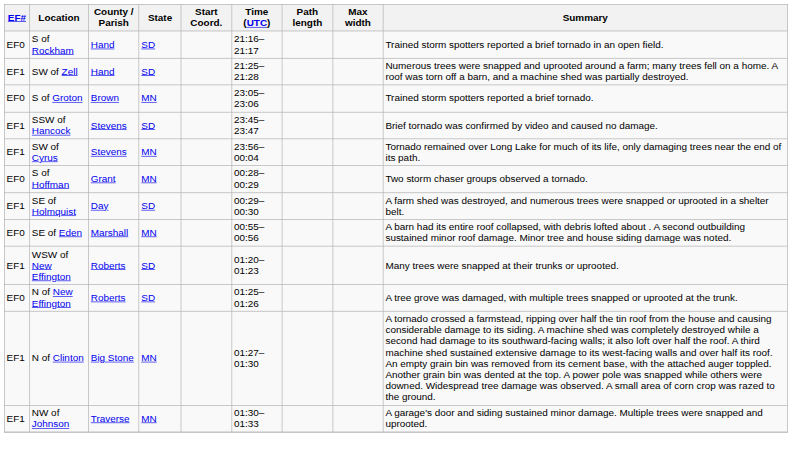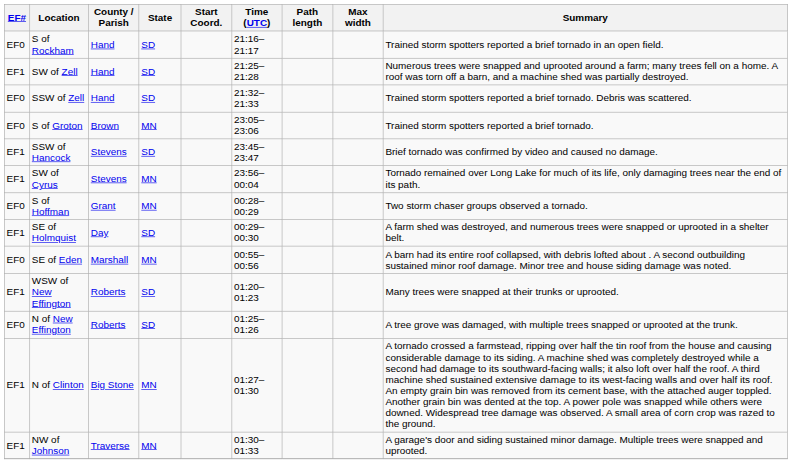 <table class="wikitable sortable" style="width:100%;">
 <tr>
 <th scope="col"  style="width:3%; text-align:center;"><a href='#'>EF#</a></th>
 <th scope="col"  style="width:7%; text-align:center;" class="unsortable">Location</th>
 <th scope="col"  style="width:6%; text-align:center;" class="unsortable">County / Parish</th>
 <th scope="col"  style="width:5%; text-align:center;">State</th>
 <th scope="col"  style="width:6%; text-align:center;">Start Coord.</th>
 <th scope="col"  style="width:6%; text-align:center;">Time (<a href='#'>UTC</a>)</th>
 <th scope="col"  style="width:6%; text-align:center;">Path length</th>
 <th scope="col"  style="width:6%; text-align:center;">Max width</th>
 <th scope="col" class="unsortable" style="width:48%; text-align:center;">Summary</th>
 </tr>
 <tr>
 <td>EF0</td>
 <td>S of <a href='#'>Rockham</a></td>
 <td><a href='#'>Hand</a></td>
 <td><a href='#'>SD</a></td>
 <td></td>
 <td>21:16–21:17</td>
 <td></td>
 <td></td>
 <td>Trained storm spotters reported a brief tornado in an open field.</td>
 </tr>
 <tr>
 <td>EF1</td>
 <td>SW of <a href='#'>Zell</a></td>
 <td><a href='#'>Hand</a></td>
 <td><a href='#'>SD</a></td>
 <td></td>
 <td>21:25–21:28</td>
 <td></td>
 <td></td>
 <td>Numerous trees were snapped and uprooted around a farm; many trees fell on a home. A roof was torn off a barn, and a machine shed was partially destroyed.</td>
+</tr>
+<tr>
+<td>EF0</td>
+<td>SSW of <a href='#'>Zell</a></td>
+<td><a href='#'>Hand</a></td>
+<td><a href='#'>SD</a></td>
+<td></td>
+<td>21:32–21:33</td>
+<td></td>
+<td></td>
+<td>Trained storm spotters reported a brief tornado. Debris was scattered.</td>
 </tr>
 <tr>
 <td>EF0</td>
 <td>S of <a href='#'>Groton</a></td>
 <td><a href='#'>Brown</a></td>
 <td><a href='#'>MN</a></td>
 <td></td>
 <td>23:05–23:06</td>
 <td></td>
 <td></td>
 <td>Trained storm spotters reported a brief tornado.</td>
 </tr>
 <tr>
 <td>EF1</td>
 <td>SSW of <a href='#'>Hancock</a></td>
 <td><a href='#'>Stevens</a></td>
 <td><a href='#'>SD</a></td>
 <td></td>
 <td>23:45–23:47</td>
 <td></td>
 <td></td>
 <td>Brief tornado was confirmed by video and caused no damage.</td>
 </tr>
 <tr>
 <td>EF1</td>
 <td>SW of <a href='#'>Cyrus</a></td>
 <td><a href='#'>Stevens</a></td>
 <td><a href='#'>MN</a></td>
 <td></td>
 <td>23:56–00:04</td>
 <td></td>
 <td></td>
 <td>Tornado remained over Long Lake for much of its life, only damaging trees near the end of its path.</td>
 </tr>
 <tr>
 <td>EF0</td>
 <td>S of <a href='#'>Hoffman</a></td>
 <td><a href='#'>Grant</a></td>
 <td><a href='#'>MN</a></td>
 <td></td>
 <td>00:28–00:29</td>
 <td></td>
 <td></td>
 <td>Two storm chaser groups observed a tornado.</td>
 </tr>
 <tr>
 <td>EF1</td>
 <td>SE of <a href='#'>Holmquist</a></td>
 <td><a href='#'>Day</a></td>
 <td><a href='#'>SD</a></td>
 <td></td>
 <td>00:29–00:30</td>
 <td></td>
 <td></td>
 <td>A farm shed was destroyed, and numerous trees were snapped or uprooted in a shelter belt.</td>
 </tr>
 <tr>
 <td>EF0</td>
 <td>SE of <a href='#'>Eden</a></td>
 <td><a href='#'>Marshall</a></td>
 <td><a href='#'>MN</a></td>
 <td></td>
 <td>00:55–00:56</td>
 <td></td>
 <td></td>
 <td>A barn had its entire roof collapsed, with debris lofted about . A second outbuilding sustained minor roof damage. Minor tree and house siding damage was noted.</td>
 </tr>
 <tr>
 <td>EF1</td>
 <td>WSW of <a href='#'>New Effington</a></td>
 <td><a href='#'>Roberts</a></td>
 <td><a href='#'>SD</a></td>
 <td></td>
 <td>01:20–01:23</td>
 <td></td>
 <td></td>
 <td>Many trees were snapped at their trunks or uprooted.</td>
 </tr>
 <tr>
 <td>EF0</td>
 <td>N of <a href='#'>New Effington</a></td>
 <td><a href='#'>Roberts</a></td>
 <td><a href='#'>SD</a></td>
 <td></td>
 <td>01:25–01:26</td>
 <td></td>
 <td></td>
 <td>A tree grove was damaged, with multiple trees snapped or uprooted at the trunk.</td>
 </tr>
 <tr>
 <td>EF1</td>
 <td>N of <a href='#'>Clinton</a></td>
 <td><a href='#'>Big Stone</a></td>
 <td><a href='#'>MN</a></td>
 <td></td>
 <td>01:27–01:30</td>
 <td></td>
 <td></td>
 <td>A tornado crossed a farmstead, ripping over half the tin roof from the house and causing considerable damage to its siding. A machine shed was completely destroyed while a second had damage to its southward-facing walls; it also loft over half the roof. A third machine shed sustained extensive damage to its west-facing walls and over half its roof. An empty grain bin was removed from its cement base, with the attached auger toppled. Another grain bin was dented at the top. A power pole was snapped while others were downed. Widespread tree damage was observed. A small area of corn crop was razed to the ground.</td>
 </tr>
 <tr>
 <td>EF1</td>
 <td>NW of <a href='#'>Johnson</a></td>
 <td><a href='#'>Traverse</a></td>
 <td><a href='#'>MN</a></td>
 <td></td>
 <td>01:30–01:33</td>
 <td></td>
 <td></td>
 <td>A garage's door and siding sustained minor damage. Multiple trees were snapped and uprooted.</td>
 </tr>
 <tr>
 </tr>
 </table>
